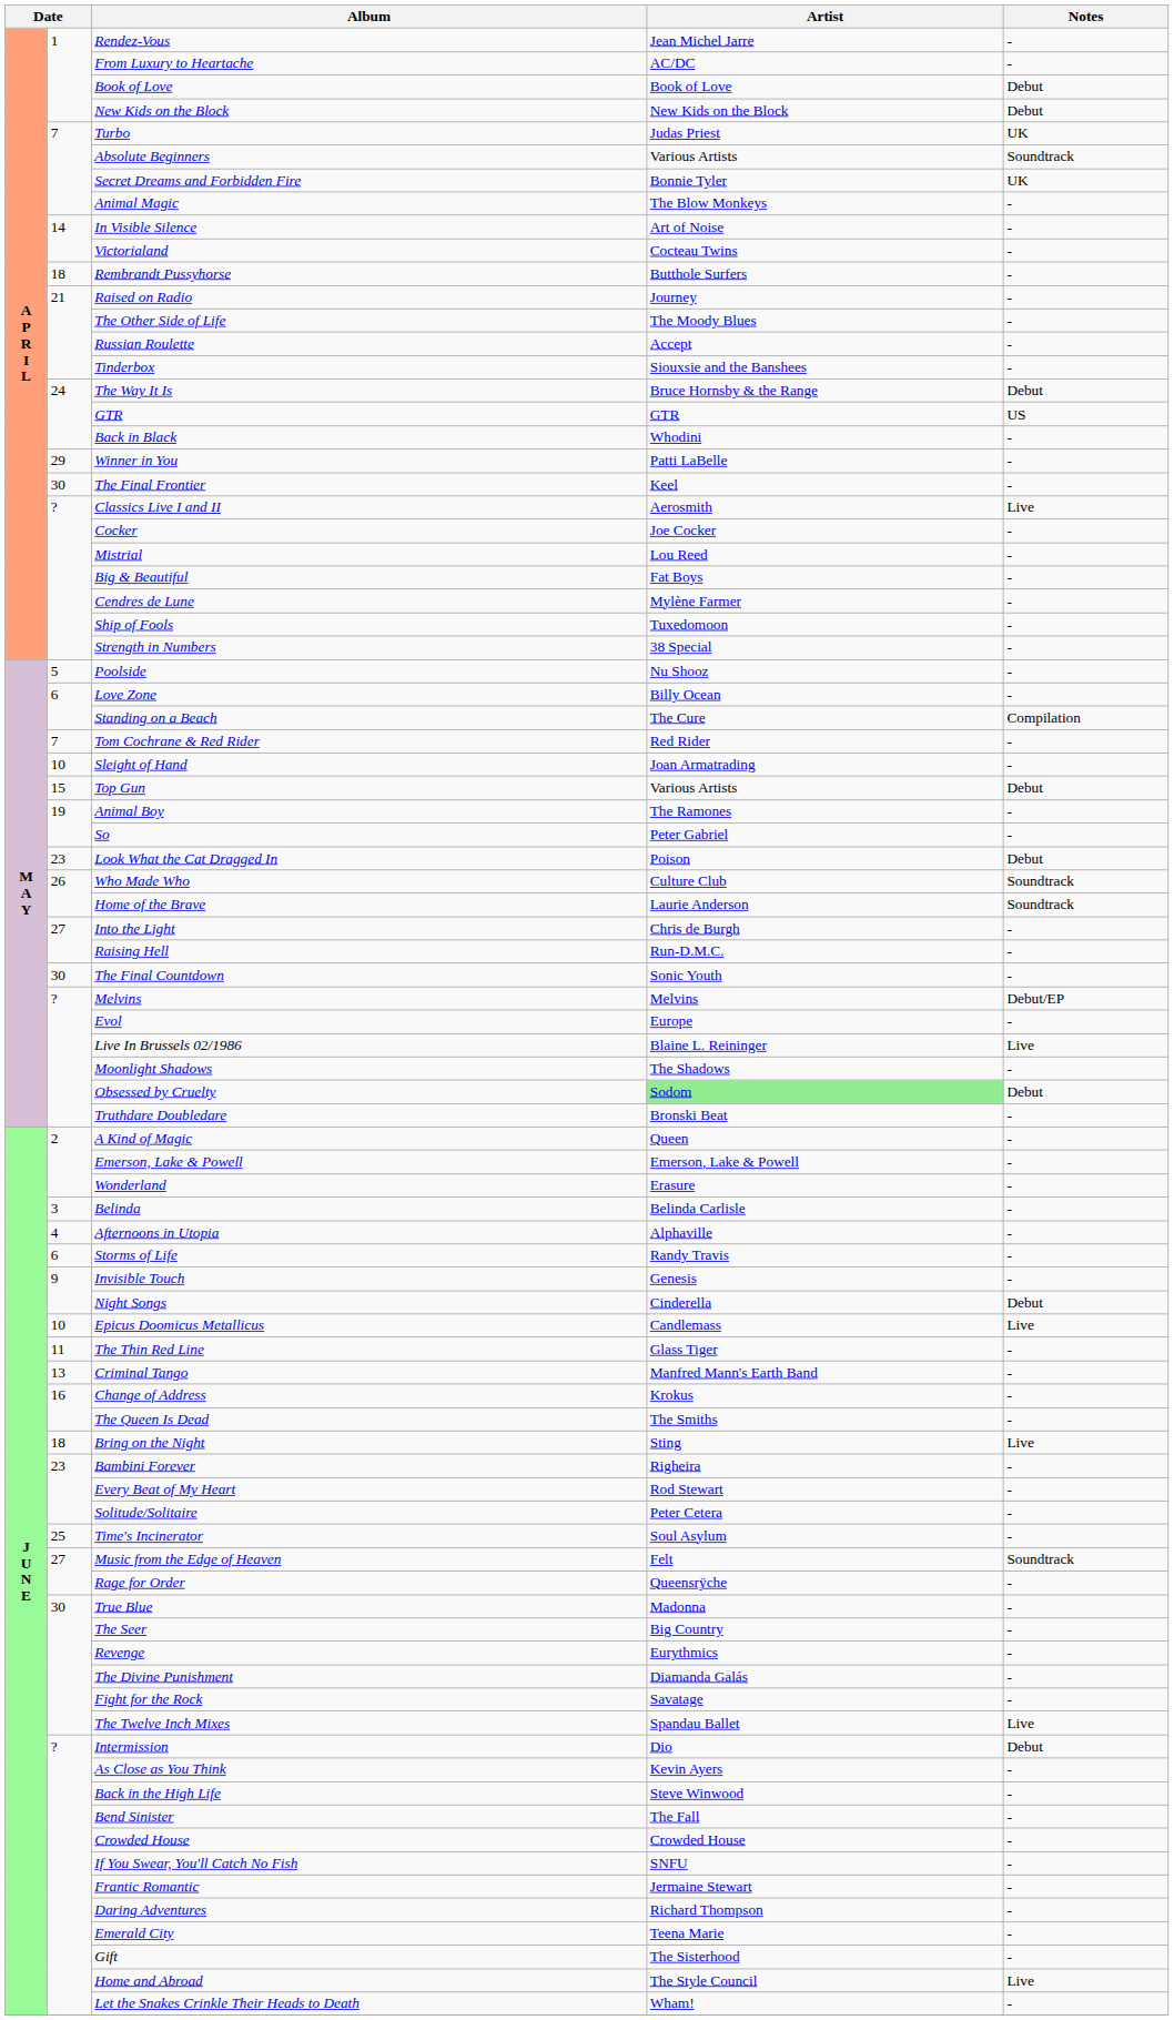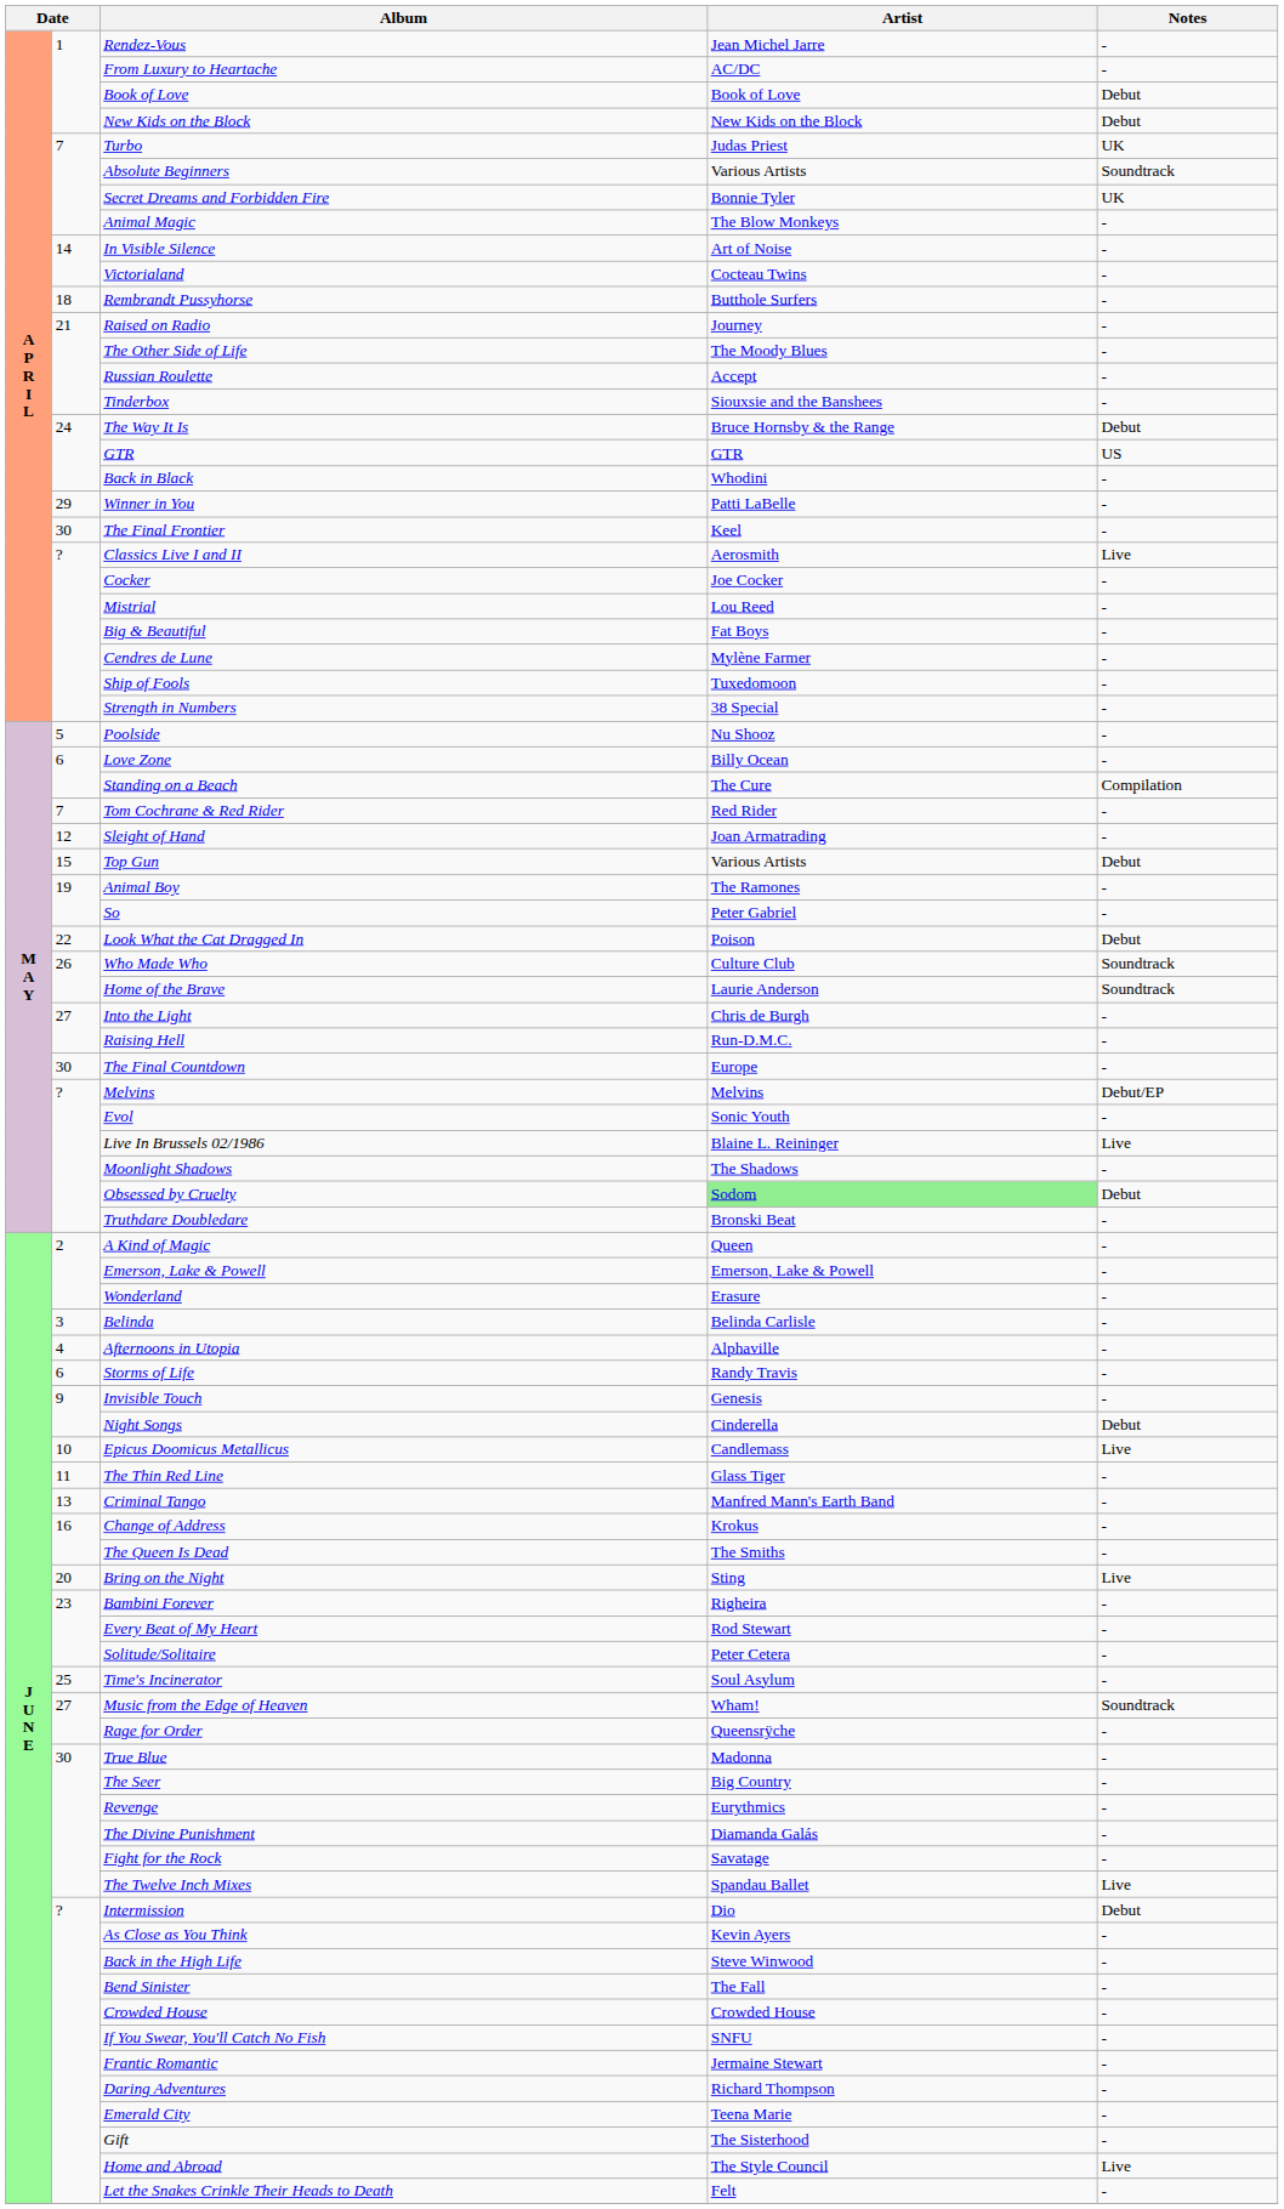 <table class="wikitable" width="100%">
 <tr>
 <th colspan="2">Date</th>
 <th>Album</th>
 <th>Artist</th>
 <th>Notes</th>
 </tr>
 <tr>
 <td rowspan="27" valign="center" align="center" style="background:#FFA07A; textcolor:#000;"><strong>A<br>P<br>R<br>I<br>L</strong></td>
 <td rowspan="4" style="vertical-align:top;">1</td>
 <td><em><a href='#'>Rendez-Vous</a></em></td>
 <td><a href='#'>Jean Michel Jarre</a></td>
 <td>-</td>
 </tr>
 <tr>
 <td><em><a href='#'>From Luxury to Heartache</a></em></td>
 <td><a href='#'>AC/DC</a></td>
 <td>-</td>
 </tr>
 <tr>
 <td><em><a href='#'>Book of Love</a></em></td>
 <td><a href='#'>Book of Love</a></td>
 <td>Debut</td>
 </tr>
 <tr>
 <td><em><a href='#'>New Kids on the Block</a></em></td>
 <td><a href='#'>New Kids on the Block</a></td>
 <td>Debut</td>
 </tr>
 <tr>
 <td rowspan="4" style="vertical-align:top;">7</td>
 <td><em><a href='#'>Turbo</a></em></td>
 <td><a href='#'>Judas Priest</a></td>
 <td>UK</td>
 </tr>
 <tr>
 <td><em><a href='#'>Absolute Beginners</a></em></td>
 <td>Various Artists</td>
 <td>Soundtrack</td>
 </tr>
 <tr>
 <td><em><a href='#'>Secret Dreams and Forbidden Fire</a></em></td>
 <td><a href='#'>Bonnie Tyler</a></td>
 <td>UK</td>
 </tr>
 <tr>
 <td><em><a href='#'>Animal Magic</a></em></td>
 <td><a href='#'>The Blow Monkeys</a></td>
 <td>-</td>
 </tr>
 <tr>
 <td rowspan="2" style="vertical-align:top;">14</td>
 <td><em><a href='#'>In Visible Silence</a></em></td>
 <td><a href='#'>Art of Noise</a></td>
 <td>-</td>
 </tr>
 <tr>
 <td><em><a href='#'>Victorialand</a></em></td>
 <td><a href='#'>Cocteau Twins</a></td>
 <td>-</td>
 </tr>
 <tr>
 <td style="vertical-align:top;">18</td>
 <td><em><a href='#'>Rembrandt Pussyhorse</a></em></td>
 <td><a href='#'>Butthole Surfers</a></td>
 <td>-</td>
 </tr>
 <tr>
 <td rowspan="4" style="vertical-align:top;">21</td>
 <td><em><a href='#'>Raised on Radio</a></em></td>
 <td><a href='#'>Journey</a></td>
 <td>-</td>
 </tr>
 <tr>
 <td><em><a href='#'>The Other Side of Life</a></em></td>
 <td><a href='#'>The Moody Blues</a></td>
 <td>-</td>
 </tr>
 <tr>
 <td><em><a href='#'>Russian Roulette</a></em></td>
 <td><a href='#'>Accept</a></td>
 <td>-</td>
 </tr>
 <tr>
 <td><em><a href='#'>Tinderbox</a></em></td>
 <td><a href='#'>Siouxsie and the Banshees</a></td>
 <td>-</td>
 </tr>
 <tr>
 <td rowspan="3" style="vertical-align:top;">24</td>
 <td><em><a href='#'>The Way It Is</a></em></td>
 <td><a href='#'>Bruce Hornsby & the Range</a></td>
 <td>Debut</td>
 </tr>
 <tr>
 <td><em><a href='#'>GTR</a></em></td>
 <td><a href='#'>GTR</a></td>
 <td>US</td>
 </tr>
 <tr>
 <td><em><a href='#'>Back in Black</a></em></td>
 <td><a href='#'>Whodini</a></td>
 <td>-</td>
 </tr>
 <tr>
 <td style="vertical-align:top;">29</td>
 <td><em><a href='#'>Winner in You</a></em></td>
 <td><a href='#'>Patti LaBelle</a></td>
 <td>-</td>
 </tr>
 <tr>
 <td style="vertical-align:top;">30</td>
 <td><em><a href='#'>The Final Frontier</a></em></td>
 <td><a href='#'>Keel</a></td>
 <td>-</td>
 </tr>
 <tr>
 <td rowspan="7" style="vertical-align:top;">?</td>
 <td><em><a href='#'>Classics Live I and II</a></em></td>
 <td><a href='#'>Aerosmith</a></td>
 <td>Live</td>
 </tr>
 <tr>
 <td><em><a href='#'>Cocker</a></em></td>
 <td><a href='#'>Joe Cocker</a></td>
 <td>-</td>
 </tr>
 <tr>
 <td><em><a href='#'>Mistrial</a></em></td>
 <td><a href='#'>Lou Reed</a></td>
 <td>-</td>
 </tr>
 <tr>
 <td><em><a href='#'>Big & Beautiful</a></em></td>
 <td><a href='#'>Fat Boys</a></td>
 <td>-</td>
 </tr>
 <tr>
 <td><em><a href='#'>Cendres de Lune</a></em></td>
 <td><a href='#'>Mylène Farmer</a></td>
 <td>-</td>
 </tr>
 <tr>
 <td><em><a href='#'>Ship of Fools</a></em></td>
 <td><a href='#'>Tuxedomoon</a></td>
 <td>-</td>
 </tr>
 <tr>
 <td><em><a href='#'>Strength in Numbers</a></em></td>
 <td><a href='#'>38 Special</a></td>
 <td>-</td>
 </tr>
 <tr>
 <td rowspan="20" valign="center" align="center" style="background:#D8BFD8; textcolor:#000;"><strong>M<br>A<br>Y</strong></td>
 <td style="vertical-align:top;">5</td>
 <td><em><a href='#'>Poolside</a></em></td>
 <td><a href='#'>Nu Shooz</a></td>
 <td>-</td>
 </tr>
 <tr>
 <td rowspan="2" style="vertical-align:top;">6</td>
 <td><em><a href='#'>Love Zone</a></em></td>
 <td><a href='#'>Billy Ocean</a></td>
 <td>-</td>
 </tr>
 <tr>
 <td><em><a href='#'>Standing on a Beach</a></em></td>
 <td><a href='#'>The Cure</a></td>
 <td>Compilation</td>
 </tr>
 <tr>
 <td style="vertical-align:top;">7</td>
 <td><em><a href='#'>Tom Cochrane & Red Rider</a></em></td>
 <td><a href='#'>Red Rider</a></td>
 <td>-</td>
 </tr>
 <tr>
-<td style="vertical-align:top;">10</td>
+<td style="vertical-align:top;">12</td>
 <td><em><a href='#'>Sleight of Hand</a></em></td>
 <td><a href='#'>Joan Armatrading</a></td>
 <td>-</td>
 </tr>
 <tr>
 <td style="vertical-align:top;">15</td>
 <td><em><a href='#'>Top Gun</a></em></td>
 <td>Various Artists</td>
 <td>Debut</td>
 </tr>
 <tr>
 <td rowspan="2" style="vertical-align:top;">19</td>
 <td><em><a href='#'>Animal Boy</a></em></td>
 <td><a href='#'>The Ramones</a></td>
 <td>-</td>
 </tr>
 <tr>
 <td><em><a href='#'>So</a></em></td>
 <td><a href='#'>Peter Gabriel</a></td>
 <td>-</td>
 </tr>
 <tr>
-<td rowspan="1" style="vertical-align:top;">23</td>
+<td rowspan="1" style="vertical-align:top;">22</td>
 <td><em><a href='#'>Look What the Cat Dragged In</a></em></td>
 <td><a href='#'>Poison</a></td>
 <td>Debut</td>
 </tr>
 <tr>
 <td rowspan="2" style="vertical-align:top;">26</td>
 <td><em><a href='#'>Who Made Who</a></em></td>
 <td><a href='#'>Culture Club</a></td>
 <td>Soundtrack</td>
 </tr>
 <tr>
 <td><em><a href='#'>Home of the Brave</a></em></td>
 <td><a href='#'>Laurie Anderson</a></td>
 <td>Soundtrack</td>
 </tr>
 <tr>
 <td rowspan="2" style="vertical-align:top;">27</td>
 <td><em><a href='#'>Into the Light</a></em></td>
 <td><a href='#'>Chris de Burgh</a></td>
 <td>-</td>
 </tr>
 <tr>
 <td><em><a href='#'>Raising Hell</a></em></td>
 <td><a href='#'>Run-D.M.C.</a></td>
 <td>-</td>
 </tr>
 <tr>
 <td style="vertical-align:top;">30</td>
 <td><em><a href='#'>The Final Countdown</a></em></td>
-<td><a href='#'>Sonic Youth</a></td>
+<td><a href='#'>Europe</a></td>
 <td>-</td>
 </tr>
 <tr>
 <td rowspan="6" style="vertical-align:top;">?</td>
 <td><em><a href='#'>Melvins</a></em></td>
 <td><a href='#'>Melvins</a></td>
 <td>Debut/EP</td>
 </tr>
 <tr>
 <td><em><a href='#'>Evol</a></em></td>
-<td><a href='#'>Europe</a></td>
+<td><a href='#'>Sonic Youth</a></td>
 <td>-</td>
 </tr>
 <tr>
 <td><em>Live In Brussels 02/1986</em></td>
 <td><a href='#'>Blaine L. Reininger</a></td>
 <td>Live</td>
 </tr>
 <tr>
 <td><em><a href='#'>Moonlight Shadows</a></em></td>
 <td><a href='#'>The Shadows</a></td>
 <td>-</td>
 </tr>
 <tr>
 <td><em><a href='#'>Obsessed by Cruelty</a></em></td>
 <td style="background: lightgreen;"><a href='#'>Sodom</a></td>
 <td>Debut</td>
 </tr>
 <tr>
 <td><em><a href='#'>Truthdare Doubledare</a></em></td>
 <td><a href='#'>Bronski Beat</a></td>
 <td>-</td>
 </tr>
 <tr>
 <td rowspan="38" valign="center" align="center" style="background:#98FB98; textcolor:#000;"><strong>J<br>U<br>N<br>E</strong></td>
 <td rowspan="3" style="vertical-align:top;">2</td>
 <td><em><a href='#'>A Kind of Magic</a></em></td>
 <td><a href='#'>Queen</a></td>
 <td>-</td>
 </tr>
 <tr>
 <td><em><a href='#'>Emerson, Lake & Powell</a></em></td>
 <td><a href='#'>Emerson, Lake & Powell</a></td>
 <td>-</td>
 </tr>
 <tr>
 <td><em><a href='#'>Wonderland</a></em></td>
 <td><a href='#'>Erasure</a></td>
 <td>-</td>
 </tr>
 <tr>
 <td style="vertical-align:top;">3</td>
 <td><em><a href='#'>Belinda</a></em></td>
 <td><a href='#'>Belinda Carlisle</a></td>
 <td>-</td>
 </tr>
 <tr>
 <td style="vertical-align:top;">4</td>
 <td><em><a href='#'>Afternoons in Utopia</a></em></td>
 <td><a href='#'>Alphaville</a></td>
 <td>-</td>
 </tr>
 <tr>
 <td rowspan="1" style="vertical-align:top;">6</td>
 <td><em><a href='#'>Storms of Life</a></em></td>
 <td><a href='#'>Randy Travis</a></td>
 <td>-</td>
 </tr>
 <tr>
 <td rowspan="2" style="vertical-align:top;">9</td>
 <td><em><a href='#'>Invisible Touch</a></em></td>
 <td><a href='#'>Genesis</a></td>
 <td>-</td>
 </tr>
 <tr>
 <td><em><a href='#'>Night Songs</a></em></td>
 <td><a href='#'>Cinderella</a></td>
 <td>Debut</td>
 </tr>
 <tr>
 <td style="vertical-align:top;">10</td>
 <td><em><a href='#'>Epicus Doomicus Metallicus</a></em></td>
 <td><a href='#'>Candlemass</a></td>
 <td>Live</td>
 </tr>
 <tr>
 <td style="vertical-align:top;">11</td>
 <td><em><a href='#'>The Thin Red Line</a></em></td>
 <td><a href='#'>Glass Tiger</a></td>
 <td>-</td>
 </tr>
 <tr>
 <td style="vertical-align:top;">13</td>
 <td><em><a href='#'>Criminal Tango</a></em></td>
 <td><a href='#'>Manfred Mann's Earth Band</a></td>
 <td>-</td>
 </tr>
 <tr>
 <td rowspan="2" style="vertical-align:top;">16</td>
 <td><em><a href='#'>Change of Address</a></em></td>
 <td><a href='#'>Krokus</a></td>
 <td>-</td>
 </tr>
 <tr>
 <td><em><a href='#'>The Queen Is Dead</a></em></td>
 <td><a href='#'>The Smiths</a></td>
 <td>-</td>
 </tr>
 <tr>
-<td rowspan="1" style="vertical-align:top;">18</td>
+<td rowspan="1" style="vertical-align:top;">20</td>
 <td><em><a href='#'>Bring on the Night</a></em></td>
 <td><a href='#'>Sting</a></td>
 <td>Live</td>
 </tr>
 <tr>
 <td rowspan="3" style="vertical-align:top;">23</td>
 <td><em><a href='#'>Bambini Forever</a></em></td>
 <td><a href='#'>Righeira</a></td>
 <td>-</td>
 </tr>
 <tr>
 <td><em><a href='#'>Every Beat of My Heart</a></em></td>
 <td><a href='#'>Rod Stewart</a></td>
 <td>-</td>
 </tr>
 <tr>
 <td><em><a href='#'>Solitude/Solitaire</a></em></td>
 <td><a href='#'>Peter Cetera</a></td>
 <td>-</td>
 </tr>
 <tr>
 <td style="vertical-align:top;">25</td>
 <td><em><a href='#'>Time's Incinerator</a></em></td>
 <td><a href='#'>Soul Asylum</a></td>
 <td>-</td>
 </tr>
 <tr>
 <td rowspan="2" style="vertical-align:top;">27</td>
 <td><em><a href='#'>Music from the Edge of Heaven </a></em></td>
-<td><a href='#'>Felt</a></td>
+<td><a href='#'>Wham!</a></td>
 <td>Soundtrack</td>
 </tr>
 <tr>
 <td><em><a href='#'>Rage for Order</a></em></td>
 <td><a href='#'>Queensrÿche</a></td>
 <td>-</td>
 </tr>
 <tr>
 <td rowspan="6" style="vertical-align:top;">30</td>
 <td><em><a href='#'>True Blue</a></em></td>
 <td><a href='#'>Madonna</a></td>
 <td>-</td>
 </tr>
 <tr>
 <td><em><a href='#'>The Seer</a></em></td>
 <td><a href='#'>Big Country</a></td>
 <td>-</td>
 </tr>
 <tr>
 <td><em><a href='#'>Revenge</a></em></td>
 <td><a href='#'>Eurythmics</a></td>
 <td>-</td>
 </tr>
 <tr>
 <td><em><a href='#'>The Divine Punishment</a></em></td>
 <td><a href='#'>Diamanda Galás</a></td>
 <td>-</td>
 </tr>
 <tr>
 <td><em><a href='#'>Fight for the Rock</a></em></td>
 <td><a href='#'>Savatage</a></td>
 <td>-</td>
 </tr>
 <tr>
 <td><em><a href='#'>The Twelve Inch Mixes</a></em></td>
 <td><a href='#'>Spandau Ballet</a></td>
 <td>Live</td>
 </tr>
 <tr>
 <td rowspan="12" style="vertical-align:top;">?</td>
 <td><em><a href='#'>Intermission</a></em></td>
 <td><a href='#'>Dio</a></td>
 <td>Debut</td>
 </tr>
 <tr>
 <td><em><a href='#'>As Close as You Think</a></em></td>
 <td><a href='#'>Kevin Ayers</a></td>
 <td>-</td>
 </tr>
 <tr>
 <td><em><a href='#'>Back in the High Life</a></em></td>
 <td><a href='#'>Steve Winwood</a></td>
 <td>-</td>
 </tr>
 <tr>
 <td><em><a href='#'>Bend Sinister</a></em></td>
 <td><a href='#'>The Fall</a></td>
 <td>-</td>
 </tr>
 <tr>
 <td><em><a href='#'>Crowded House</a></em></td>
 <td><a href='#'>Crowded House</a></td>
 <td>-</td>
 </tr>
 <tr>
 <td><em><a href='#'>If You Swear, You'll Catch No Fish</a></em></td>
 <td><a href='#'>SNFU</a></td>
 <td>-</td>
 </tr>
 <tr>
 <td><em><a href='#'>Frantic Romantic</a></em></td>
 <td><a href='#'>Jermaine Stewart</a></td>
 <td>-</td>
 </tr>
 <tr>
 <td><em><a href='#'>Daring Adventures</a></em></td>
 <td><a href='#'>Richard Thompson</a></td>
 <td>-</td>
 </tr>
 <tr>
 <td><em><a href='#'>Emerald City</a></em></td>
 <td><a href='#'>Teena Marie</a></td>
 <td>-</td>
 </tr>
 <tr>
 <td><em>Gift</em></td>
 <td><a href='#'>The Sisterhood</a></td>
 <td>-</td>
 </tr>
 <tr>
 <td><em><a href='#'>Home and Abroad</a></em></td>
 <td><a href='#'>The Style Council</a></td>
 <td>Live</td>
 </tr>
 <tr>
 <td><em><a href='#'>Let the Snakes Crinkle Their Heads to Death</a></em></td>
-<td><a href='#'>Wham!</a></td>
+<td><a href='#'>Felt</a></td>
 <td>-</td>
 </tr>
 <tr>
 </tr>
 </table>
